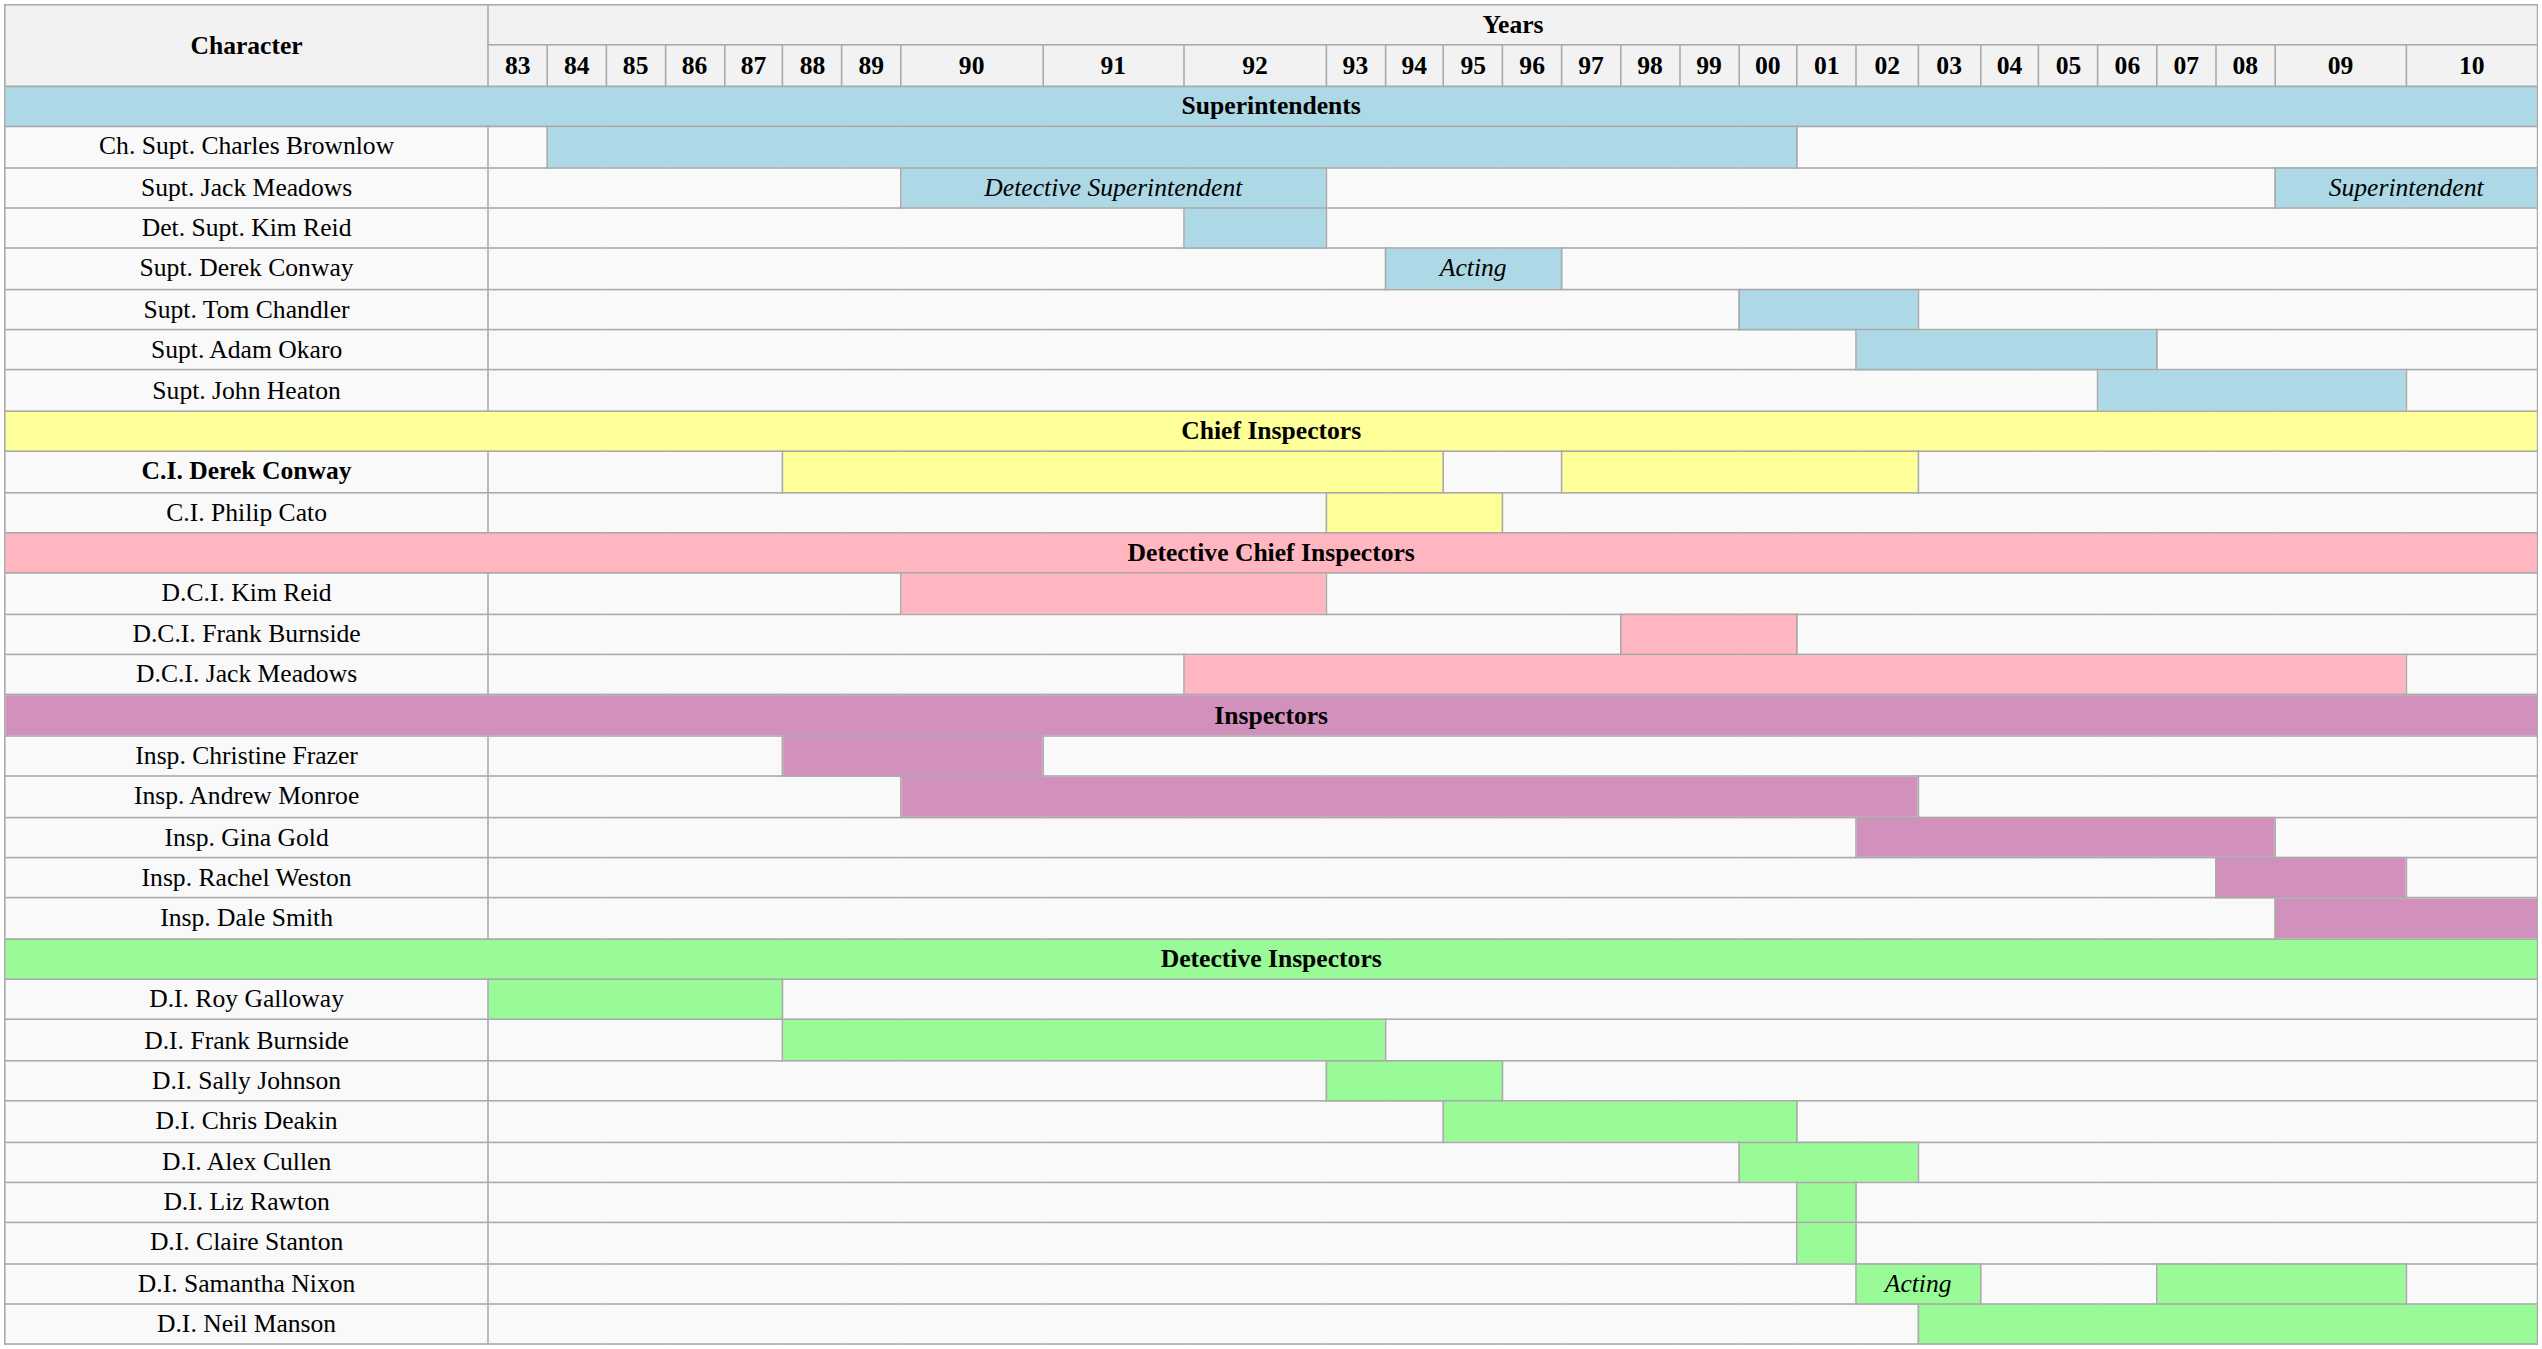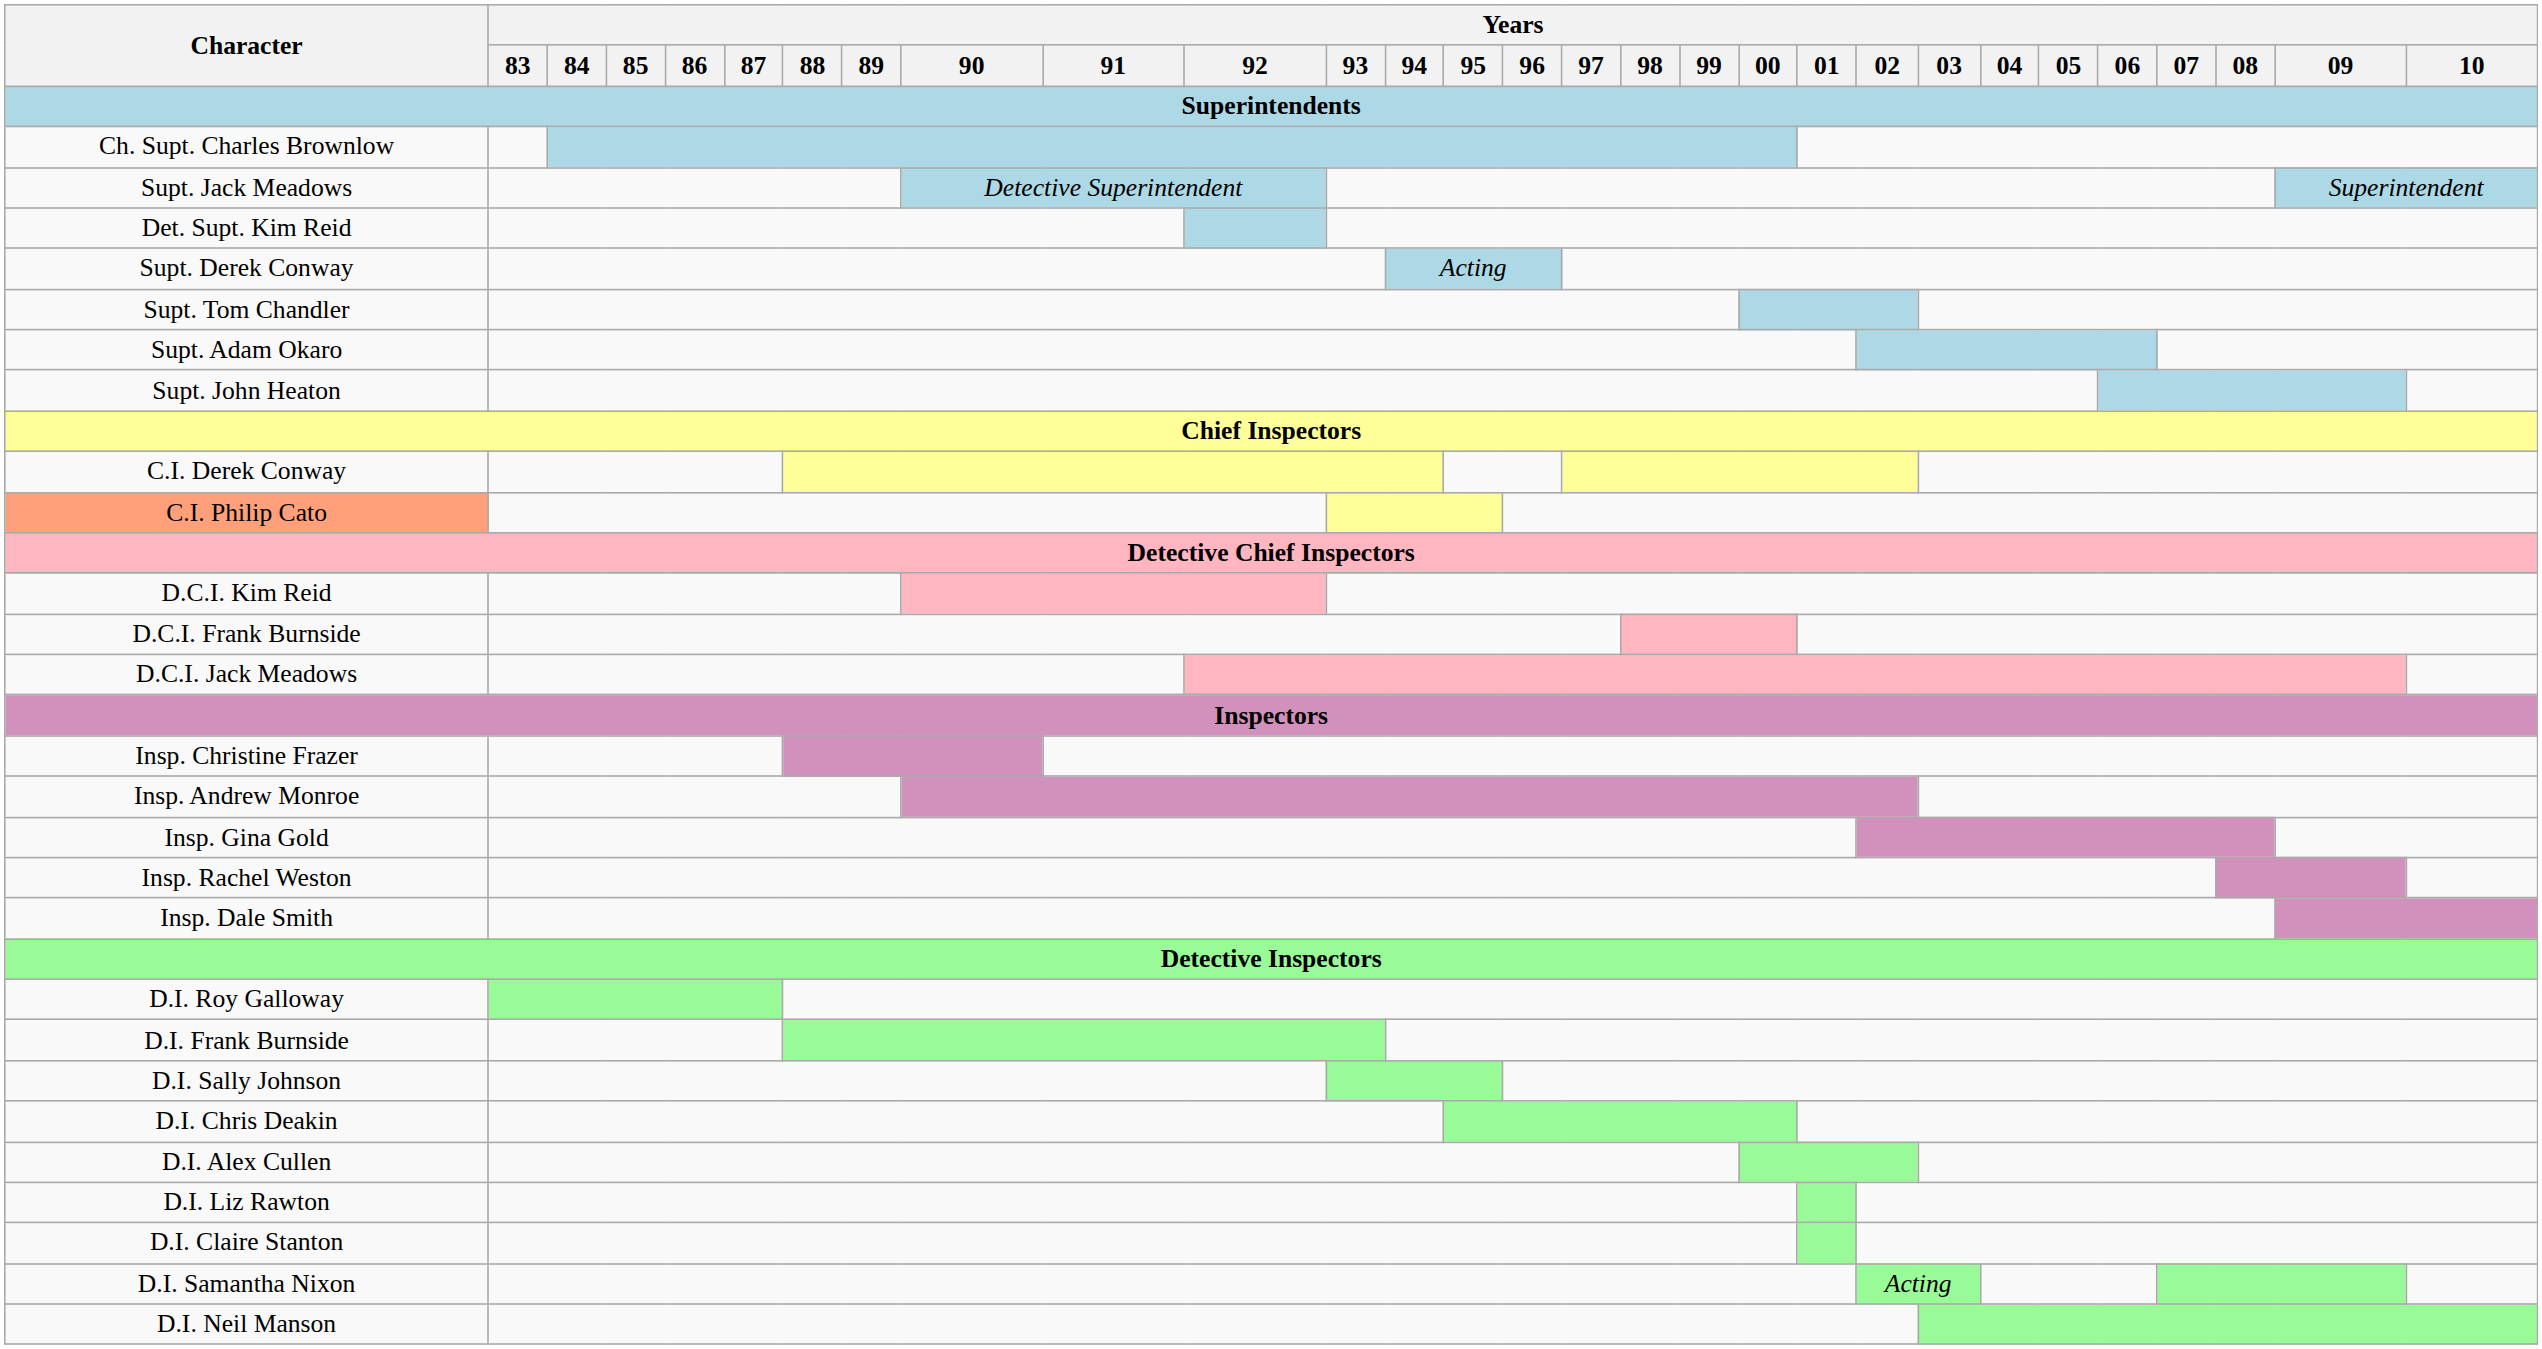 <table class="wikitable" style="text-align:center; width:100%;">
 <tr>
 <th rowspan="2">Character</th>
 <th colspan="28">Years</th>
 </tr>
 <tr>
 <th>83</th>
 <th>84</th>
 <th>85</th>
 <th>86</th>
 <th>87</th>
 <th>88</th>
 <th>89</th>
 <th>90</th>
 <th>91</th>
 <th>92</th>
 <th>93</th>
 <th>94</th>
 <th>95</th>
 <th>96</th>
 <th>97</th>
 <th>98</th>
 <th>99</th>
 <th>00</th>
 <th>01</th>
 <th>02</th>
 <th>03</th>
 <th>04</th>
 <th>05</th>
 <th>06</th>
 <th>07</th>
 <th>08</th>
 <th>09</th>
 <th>10</th>
 </tr>
 <tr>
 <td style="background:#ADD8E6;" colspan="29"><strong>Superintendents</strong></td>
 </tr>
 <tr>
 <td>Ch. Supt. Charles Brownlow</td>
 <td colspan="1"></td>
 <td align="center" colspan="17" style="background:#ADD8E6;"></td>
 <td colspan="10"></td>
 </tr>
 <tr>
 <td>Supt. Jack Meadows</td>
 <td colspan="7"></td>
 <td align="center" colspan="3" style="background:#ADD8E6;"><em>Detective Superintendent</em></td>
 <td colspan="16"></td>
 <td align="center" colspan="2" style="background:#ADD8E6;"><em>Superintendent</em></td>
 </tr>
 <tr>
 <td>Det. Supt. Kim Reid</td>
 <td colspan="9"></td>
 <td align="center" colspan="1" style="background:#ADD8E6;"></td>
 <td colspan="18"></td>
 </tr>
 <tr>
 <td>Supt. Derek Conway</td>
 <td colspan="11"></td>
 <td align="center" colspan="3" style="background:#ADD8E6;"><em>Acting</em></td>
 <td colspan="14"></td>
 </tr>
 <tr>
 <td>Supt. Tom Chandler</td>
 <td colspan="17"></td>
 <td align="center" colspan="3" style="background:#ADD8E6;"></td>
 <td colspan="8"></td>
 </tr>
 <tr>
 <td>Supt. Adam Okaro</td>
 <td colspan="19"></td>
 <td align="center" colspan="5" style="background:#ADD8E6;"></td>
 <td colspan="5"></td>
 </tr>
 <tr>
 <td>Supt. John Heaton</td>
 <td colspan="23"></td>
 <td align="center" colspan="4" style="background:#ADD8E6;"></td>
 <td colspan="2"></td>
 </tr>
 <tr>
 <td style="background:#FFFF99;" colspan="29"><strong>Chief Inspectors</strong></td>
 </tr>
 <tr>
-<td><strong>C.I. Derek Conway</strong></td>
+<td>C.I. Derek Conway</td>
 <td colspan="5"></td>
 <td align="center" colspan="7" style="background:#FFFF99;"></td>
 <td colspan="2"></td>
 <td align="center" colspan="6" style="background:#FFFF99;"></td>
 <td colspan="10"></td>
 </tr>
 <tr>
-<td>C.I. Philip Cato</td>
+<td style="background: lightsalmon;">C.I. Philip Cato</td>
 <td colspan="10"></td>
 <td align="center" colspan="3" style="background:#FFFF99;"></td>
 <td colspan="15"></td>
 </tr>
 <tr>
 <td style="background:#FFB6C1;" colspan="29"><strong>Detective Chief Inspectors</strong></td>
 </tr>
 <tr>
 <td>D.C.I. Kim Reid</td>
 <td colspan="7"></td>
 <td align="center" colspan="3" style="background:#FFB6C1;"></td>
 <td colspan="18"></td>
 </tr>
 <tr>
 <td>D.C.I. Frank Burnside</td>
 <td colspan="15"></td>
 <td align="center" colspan="3" style="background:#FFB6C1;"></td>
 <td colspan="10"></td>
 </tr>
 <tr>
 <td>D.C.I. Jack Meadows</td>
 <td colspan="9"></td>
 <td align="center" colspan="18" style="background:#FFB6C1;"></td>
 <td colspan="1"></td>
 </tr>
 <tr>
 <td style="background:#D291BC;" colspan="29"><strong>Inspectors</strong></td>
 </tr>
 <tr>
 <td>Insp. Christine Frazer</td>
 <td colspan="5"></td>
 <td align="center" colspan="3" style="background:#D291BC;"></td>
 <td colspan="20"></td>
 </tr>
 <tr>
 <td>Insp. Andrew Monroe</td>
 <td colspan="7"></td>
 <td align="center" colspan="13" style="background:#D291BC;"></td>
 <td colspan="8"></td>
 </tr>
 <tr>
 <td>Insp. Gina Gold</td>
 <td colspan="19"></td>
 <td align="center" colspan="7" style="background:#D291BC;"></td>
 <td colspan="3"></td>
 </tr>
 <tr>
 <td>Insp. Rachel Weston</td>
 <td colspan="25"></td>
 <td align="center" colspan="2" style="background:#D291BC;"></td>
 <td colspan="1"></td>
 </tr>
 <tr>
 <td>Insp. Dale Smith</td>
 <td colspan="26"></td>
 <td align="center" colspan="2" style="background:#D291BC;"></td>
 </tr>
 <tr>
 <td style="background:#98FB98;" colspan="29"><strong>Detective Inspectors</strong></td>
 </tr>
 <tr>
 <td>D.I. Roy Galloway</td>
 <td align="center" colspan="5" style="background:#98FB98;"></td>
 <td colspan="23"></td>
 </tr>
 <tr>
 <td>D.I. Frank Burnside</td>
 <td colspan="5"></td>
 <td align="center" colspan="6" style="background:#98FB98;"></td>
 <td colspan="17"></td>
 </tr>
 <tr>
 <td>D.I. Sally Johnson</td>
 <td colspan="10"></td>
 <td align="center" colspan="3" style="background:#98FB98;"></td>
 <td colspan="15"></td>
 </tr>
 <tr>
 <td>D.I. Chris Deakin</td>
 <td colspan="12"></td>
 <td align="center" colspan="6" style="background:#98FB98;"></td>
 <td colspan="10"></td>
 </tr>
 <tr>
 <td>D.I. Alex Cullen</td>
 <td colspan="17"></td>
 <td align="center" colspan="3" style="background:#98FB98;"></td>
 <td colspan="8"></td>
 </tr>
 <tr>
 <td>D.I. Liz Rawton</td>
 <td colspan="18"></td>
 <td align="center" colspan="1" style="background:#98FB98;"></td>
 <td colspan="9"></td>
 </tr>
 <tr>
 <td>D.I. Claire Stanton</td>
 <td colspan="18"></td>
 <td align="center" colspan="1" style="background:#98FB98;"></td>
 <td colspan="9"></td>
 </tr>
 <tr>
 <td>D.I. Samantha Nixon</td>
 <td colspan="19"></td>
 <td align="center" colspan="2" style="background:#98FB98;"><em>Acting</em></td>
 <td colspan="3"></td>
 <td align="center" colspan="3" style="background:#98FB98;"></td>
 <td></td>
 </tr>
 <tr>
 <td>D.I. Neil Manson</td>
 <td colspan="20"></td>
 <td align="center" colspan="9" style="background:#98FB98;"></td>
 </tr>
 </table>
